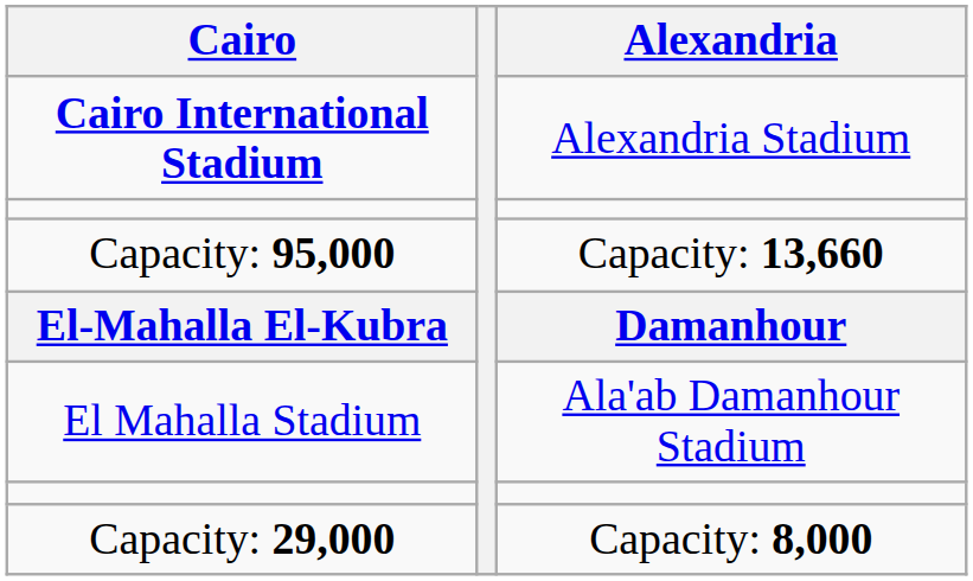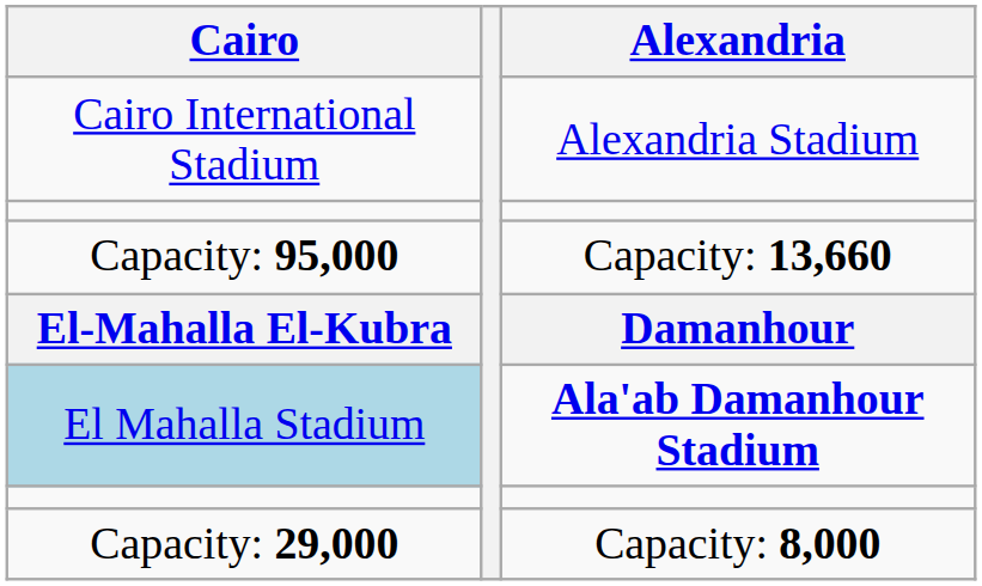 <table class="wikitable" style="text-align:center;margin:1em auto;">
 <tr>
 <th width=160><a href='#'>Cairo</a></th>
 <th rowspan=8><br></th>
 <th width=160><a href='#'>Alexandria</a></th>
 </tr>
 <tr>
-<td><strong><a href='#'>Cairo International Stadium</a></strong></td>
+<td><a href='#'>Cairo International Stadium</a></td>
 <td><a href='#'>Alexandria Stadium</a></td>
 </tr>
 <tr>
 <td></td>
 <td></td>
 </tr>
 <tr>
 <td>Capacity: <strong>95,000</strong></td>
 <td>Capacity: <strong>13,660</strong></td>
 </tr>
 <tr>
 <th width=160><a href='#'>El-Mahalla El-Kubra</a></th>
 <th><a href='#'>Damanhour</a></th>
 </tr>
 <tr>
-<td><a href='#'>El Mahalla Stadium</a></td>
-<td><a href='#'>Ala'ab Damanhour Stadium</a></td>
+<td style="background: lightblue;"><a href='#'>El Mahalla Stadium</a></td>
+<td><strong><a href='#'>Ala'ab Damanhour Stadium</a></strong></td>
 </tr>
 <tr>
 <td></td>
 <td></td>
 </tr>
 <tr>
 <td>Capacity: <strong>29,000</strong></td>
 <td>Capacity: <strong>8,000</strong></td>
 </tr>
 </table>
